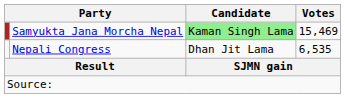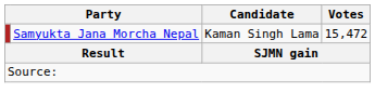 <table class="wikitable">
 <tr>
 <th colspan="2">Party</th>
 <th>Candidate</th>
 <th>Votes</th>
 </tr>
 <tr>
 <td style="background-color:firebrick"></td>
 <td><a href='#'>Samyukta Jana Morcha Nepal</a></td>
-<td style="background: lightgreen;">Kaman Singh Lama</td>
-<td>15,469</td>
-</tr>
-<tr>
-<td style="background-color:"></td>
-<td><a href='#'>Nepali Congress</a></td>
-<td>Dhan Jit Lama</td>
-<td>6,535</td>
+<td>Kaman Singh Lama</td>
+<td>15,472</td>
 </tr>
 <tr>
 <th colspan="2">Result</th>
 <th colspan="2">SJMN gain</th>
 </tr>
 <tr>
 <td colspan="4">Source: </td>
 </tr>
 </table>
